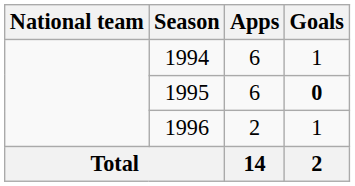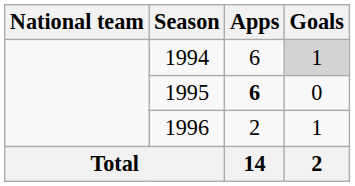 <table class="wikitable" style="text-align:center">
 <tr>
 <th>National team</th>
 <th>Season</th>
 <th>Apps</th>
 <th>Goals</th>
 </tr>
 <tr>
 <td rowspan=3 valign="center"></td>
 <td>1994</td>
 <td>6</td>
-<td>1</td>
+<td style="background: lightgrey;">1</td>
 </tr>
 <tr>
 <td>1995</td>
-<td>6</td>
-<td><strong>0</strong></td>
+<td><strong>6</strong></td>
+<td>0</td>
 </tr>
 <tr>
 <td>1996</td>
 <td>2</td>
 <td>1</td>
 </tr>
 <tr>
 <th colspan=2>Total</th>
 <th>14</th>
 <th>2</th>
 </tr>
 </table>
